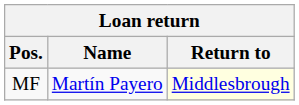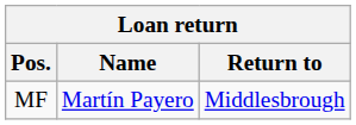 <table class="wikitable" style="font-size:95%;">
 <tr>
 <th colspan="5">Loan return</th>
 </tr>
 <tr>
 <th>Pos.</th>
 <th>Name</th>
 <th>Return to</th>
 </tr>
 <tr>
 <td align="center">MF</td>
 <td> <a href='#'>Martín Payero</a></td>
-<td style="background: lightyellow;"> <a href='#'>Middlesbrough</a></td>
+<td> <a href='#'>Middlesbrough</a></td>
 </tr>
 </table>
